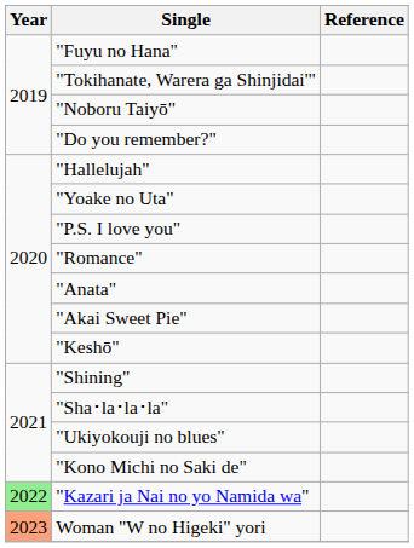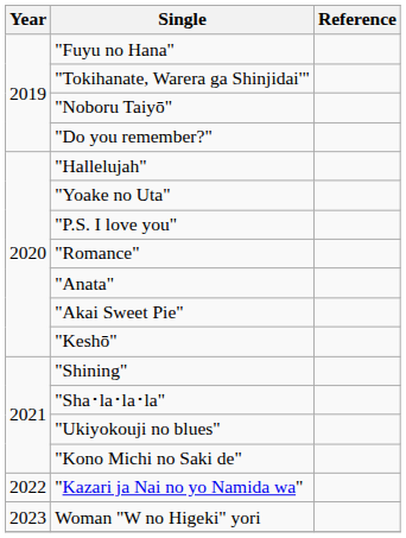 <table class="wikitable plainrowheaders" style="text-align:center;">
 <tr>
 <th scope="col">Year</th>
 <th scope="col">Single</th>
 <th scope="col">Reference</th>
 </tr>
 <tr>
 <td rowspan="4">2019</td>
 <td style="text-align:left;">"Fuyu no Hana"<br></td>
 <td></td>
 </tr>
 <tr>
 <td style="text-align:left;">"Tokihanate, Warera ga Shinjidai'"<br></td>
 <td></td>
 </tr>
 <tr>
 <td style="text-align:left;">"Noboru Taiyō"<br></td>
 <td></td>
 </tr>
 <tr>
 <td style="text-align:left;">"Do you remember?"<br></td>
 <td></td>
 </tr>
 <tr>
 <td rowspan="7">2020</td>
 <td style="text-align:left;">"Hallelujah"<br></td>
 <td></td>
 </tr>
 <tr>
 <td style="text-align:left;">"Yoake no Uta"<br></td>
 <td></td>
 </tr>
 <tr>
 <td style="text-align:left;">"P.S. I love you"<br></td>
 <td></td>
 </tr>
 <tr>
 <td style="text-align:left;">"Romance"<br></td>
 <td></td>
 </tr>
 <tr>
 <td style="text-align:left;">"Anata"<br></td>
 <td></td>
 </tr>
 <tr>
 <td style="text-align:left;">"Akai Sweet Pie"<br></td>
 <td></td>
 </tr>
 <tr>
 <td style="text-align:left;">"Keshō"<br></td>
 <td></td>
 </tr>
 <tr>
 <td rowspan="4">2021</td>
 <td style="text-align:left;">"Shining"<br></td>
 <td></td>
 </tr>
 <tr>
 <td style="text-align:left;">"Sha･la･la･la"<br></td>
 <td></td>
 </tr>
 <tr>
 <td style="text-align:left;">"Ukiyokouji no blues"<br></td>
 <td></td>
 </tr>
 <tr>
 <td style="text-align:left;">"Kono Michi no Saki de"<br></td>
 <td></td>
 </tr>
 <tr>
-<td rowspan="1" style="background: lightgreen;">2022</td>
+<td rowspan="1">2022</td>
 <td style="text-align:left;">"<a href='#'>Kazari ja Nai no yo Namida wa</a>"<br></td>
 <td></td>
 </tr>
 <tr>
-<td rowspan="1" style="background: lightsalmon;">2023</td>
+<td rowspan="1">2023</td>
 <td style="text-align:left;">Woman "W no Higeki" yori<br></td>
 <td></td>
 </tr>
 <tr>
 </tr>
 </table>
